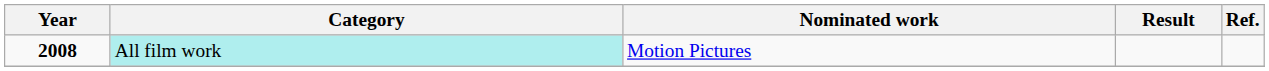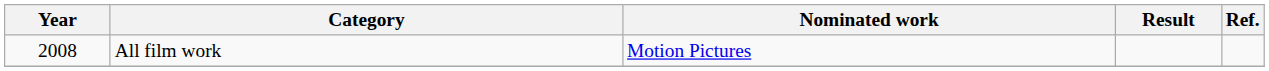 <table class=wikitable>
 <tr>
 <th scope="col" style="width:5em;">Year</th>
 <th scope="col" style="width:26em;">Category</th>
 <th scope="col" style="width:25em;">Nominated work</th>
 <th scope="col" style="width:5em;">Result</th>
 <th>Ref.</th>
 </tr>
 <tr>
-<td style="text-align:center;"><strong>2008</strong></td>
-<td style="background: paleturquoise;">All film work</td>
+<td style="text-align:center;">2008</td>
+<td>All film work</td>
 <td><a href='#'>Motion Pictures</a></td>
 <td></td>
 <td></td>
 </tr>
 <tr>
 </tr>
 </table>
